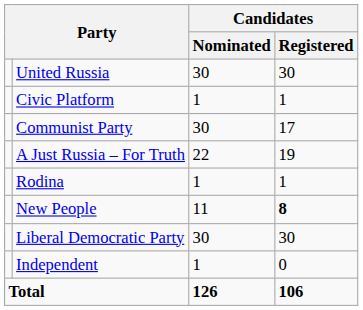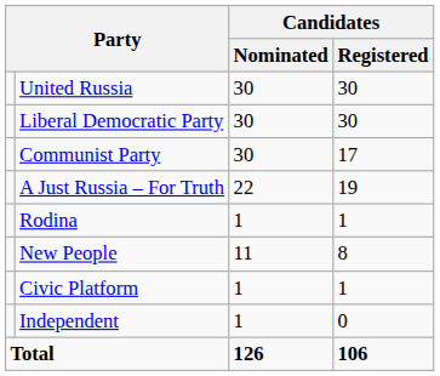 <table class="wikitable sortable" style="background: #f9f9f9; text-align:left; font-size: 95%">
 <tr>
 <th align=center rowspan=2 colspan=2>Party</th>
 <th align=center colspan=2>Candidates</th>
 </tr>
 <tr>
 <th align=center>Nominated</th>
 <th align=center>Registered</th>
 </tr>
 <tr>
 <td></td>
 <td><a href='#'>United Russia</a></td>
 <td>30</td>
 <td>30</td>
 </tr>
 <tr>
 <td></td>
-<td><a href='#'>Civic Platform</a></td>
-<td>1</td>
-<td>1</td>
+<td><a href='#'>Liberal Democratic Party</a></td>
+<td>30</td>
+<td>30</td>
 </tr>
 <tr>
 <td></td>
 <td><a href='#'>Communist Party</a></td>
 <td>30</td>
 <td>17</td>
 </tr>
 <tr>
 <td></td>
 <td><a href='#'>A Just Russia – For Truth</a></td>
 <td>22</td>
 <td>19</td>
 </tr>
 <tr>
 <td></td>
 <td><a href='#'>Rodina</a></td>
 <td>1</td>
 <td>1</td>
 </tr>
 <tr>
 <td></td>
 <td><a href='#'>New People</a></td>
 <td>11</td>
-<td><strong>8</strong></td>
+<td>8</td>
 </tr>
 <tr>
 <td></td>
-<td><a href='#'>Liberal Democratic Party</a></td>
-<td>30</td>
-<td>30</td>
+<td><a href='#'>Civic Platform</a></td>
+<td>1</td>
+<td>1</td>
 </tr>
 <tr>
 <td></td>
 <td><a href='#'>Independent</a></td>
 <td>1</td>
 <td>0</td>
 </tr>
 <tr>
 <td colspan=2><strong>Total</strong></td>
 <td><strong>126</strong></td>
 <td><strong>106</strong></td>
 </tr>
 </table>
